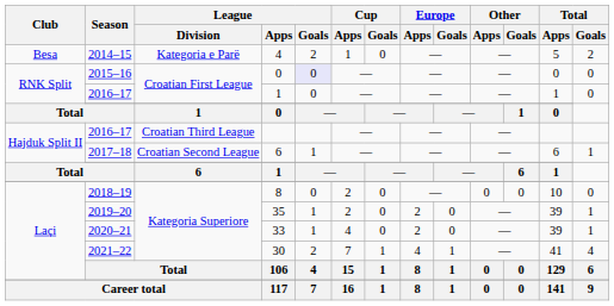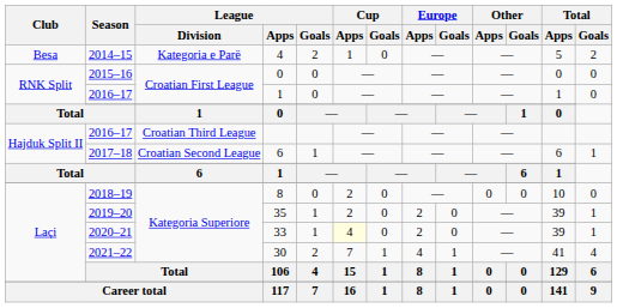 <table class="wikitable" style="text-align:center">
 <tr>
 <th rowspan="2">Club</th>
 <th rowspan="2">Season</th>
 <th colspan="3">League</th>
 <th colspan="2">Cup</th>
 <th colspan="2"><a href='#'>Europe</a></th>
 <th colspan="2">Other</th>
 <th colspan="2">Total</th>
 </tr>
 <tr>
 <th>Division</th>
 <th>Apps</th>
 <th>Goals</th>
 <th>Apps</th>
 <th>Goals</th>
 <th>Apps</th>
 <th>Goals</th>
 <th>Apps</th>
 <th>Goals</th>
 <th>Apps</th>
 <th>Goals</th>
 </tr>
 <tr>
 <td rowspan="1" valign="center"><a href='#'>Besa</a></td>
 <td><a href='#'>2014–15</a></td>
 <td rowspan="1"><a href='#'>Kategoria e Parë</a></td>
 <td>4</td>
 <td>2</td>
 <td>1</td>
 <td>0</td>
 <td colspan="2">—</td>
 <td colspan="2">—</td>
 <td>5</td>
 <td>2</td>
 </tr>
 <tr>
 <td rowspan="3" valign="center"><a href='#'>RNK Split</a></td>
 <td><a href='#'>2015–16</a></td>
 <td rowspan="2"><a href='#'>Croatian First League</a></td>
 <td>0</td>
-<td style="background: lavender;">0</td>
+<td>0</td>
 <td colspan="2">—</td>
 <td colspan="2">—</td>
 <td colspan="2">—</td>
 <td>0</td>
 <td>0</td>
 </tr>
 <tr>
 <td><a href='#'>2016–17</a></td>
 <td>1</td>
 <td>0</td>
 <td colspan="2">—</td>
 <td colspan="2">—</td>
 <td colspan="2">—</td>
 <td>1</td>
 <td>0</td>
 </tr>
 <tr>
 </tr>
 <tr>
 <th colspan="2" valign="center">Total</th>
 <th>1</th>
 <th>0</th>
 <th colspan="2">—</th>
 <th colspan="2">—</th>
 <th colspan="2">—</th>
 <th>1</th>
 <th>0</th>
 </tr>
 <tr>
 <td rowspan="3" valign="center"><a href='#'>Hajduk Split II</a></td>
 <td><a href='#'>2016–17</a></td>
 <td rowspan="1"><a href='#'>Croatian Third League</a></td>
 <td></td>
 <td></td>
 <td colspan="2">—</td>
 <td colspan="2">—</td>
 <td colspan="2">—</td>
 <td></td>
 <td></td>
 </tr>
 <tr>
 <td><a href='#'>2017–18</a></td>
 <td rowspan="1"><a href='#'>Croatian Second League</a></td>
 <td>6</td>
 <td>1</td>
 <td colspan="2">—</td>
 <td colspan="2">—</td>
 <td colspan="2">—</td>
 <td>6</td>
 <td>1</td>
 </tr>
 <tr>
 </tr>
 <tr>
 <th colspan="2" valign="center">Total</th>
 <th>6</th>
 <th>1</th>
 <th colspan="2">—</th>
 <th colspan="2">—</th>
 <th colspan="2">—</th>
 <th>6</th>
 <th>1</th>
 </tr>
 <tr>
 </tr>
 <tr>
 <td rowspan="5" valign="center"><a href='#'>Laçi</a></td>
 <td><a href='#'>2018–19</a></td>
 <td rowspan="4"><a href='#'>Kategoria Superiore</a></td>
 <td>8</td>
 <td>0</td>
 <td>2</td>
 <td>0</td>
 <td colspan="2">—</td>
 <td>0</td>
 <td>0</td>
 <td>10</td>
 <td>0</td>
 </tr>
 <tr>
 <td><a href='#'>2019–20</a></td>
 <td>35</td>
 <td>1</td>
 <td>2</td>
 <td>0</td>
 <td>2</td>
 <td>0</td>
 <td colspan="2">—</td>
 <td>39</td>
 <td>1</td>
 </tr>
 <tr>
 <td><a href='#'>2020–21</a></td>
 <td>33</td>
 <td>1</td>
-<td>4</td>
+<td style="background: lightyellow;">4</td>
 <td>0</td>
 <td>2</td>
 <td>0</td>
 <td colspan="2">—</td>
 <td>39</td>
 <td>1</td>
 </tr>
 <tr>
 <td><a href='#'>2021–22</a></td>
 <td>30</td>
 <td>2</td>
 <td>7</td>
 <td>1</td>
 <td>4</td>
 <td>1</td>
 <td colspan="2">—</td>
 <td>41</td>
 <td>4</td>
 </tr>
 <tr>
 <th colspan="2" valign="center">Total</th>
 <th>106</th>
 <th>4</th>
 <th>15</th>
 <th>1</th>
 <th>8</th>
 <th>1</th>
 <th>0</th>
 <th>0</th>
 <th>129</th>
 <th>6</th>
 </tr>
 <tr>
 </tr>
 <tr>
 <th colspan="3">Career total</th>
 <th>117</th>
 <th>7</th>
 <th>16</th>
 <th>1</th>
 <th>8</th>
 <th>1</th>
 <th>0</th>
 <th>0</th>
 <th>141</th>
 <th>9</th>
 </tr>
 </table>
